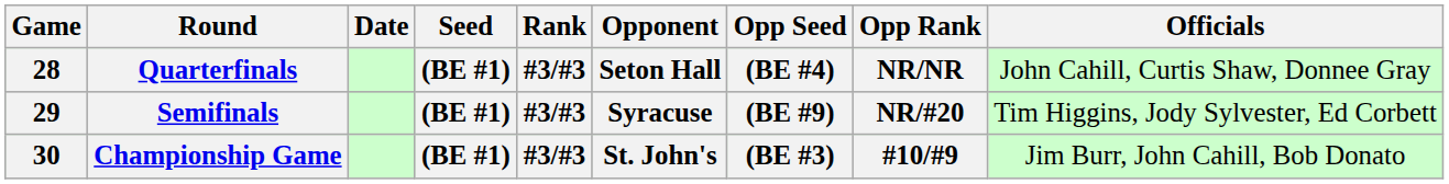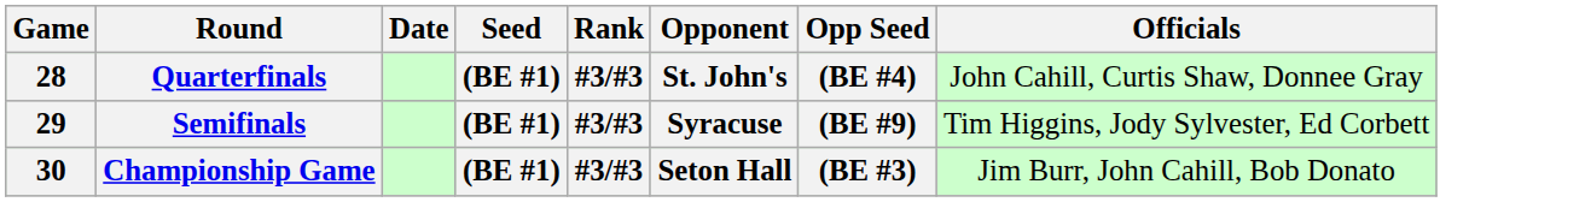 <table class="wikitable">
 <tr>
 <th>Game</th>
 <th>Round</th>
 <th>Date</th>
 <th>Seed</th>
 <th>Rank</th>
 <th>Opponent</th>
 <th>Opp Seed</th>
-<th>Opp Rank</th>
 <th>Officials</th>
 </tr>
 <tr align="center" bgcolor="#ccffcc">
 <th>28</th>
 <th><a href='#'>Quarterfinals</a></th>
 <td></td>
 <th>(BE #1)</th>
 <th>#3/#3</th>
-<th>Seton Hall</th>
+<th>St. John's</th>
 <th>(BE #4)</th>
-<th>NR/NR</th>
 <td>John Cahill, Curtis Shaw, Donnee Gray</td>
 </tr>
 <tr align="center" bgcolor="#ccffcc">
 <th>29</th>
 <th><a href='#'>Semifinals</a></th>
 <td></td>
 <th>(BE #1)</th>
 <th>#3/#3</th>
 <th>Syracuse</th>
 <th>(BE #9)</th>
-<th>NR/#20</th>
 <td>Tim Higgins, Jody Sylvester, Ed Corbett</td>
 </tr>
 <tr align="center" bgcolor="#ccffcc">
 <th>30</th>
 <th><a href='#'>Championship Game</a></th>
 <td></td>
 <th>(BE #1)</th>
 <th>#3/#3</th>
-<th>St. John's</th>
+<th>Seton Hall</th>
 <th>(BE #3)</th>
-<th>#10/#9</th>
 <td>Jim Burr, John Cahill, Bob Donato</td>
 </tr>
 </table>
